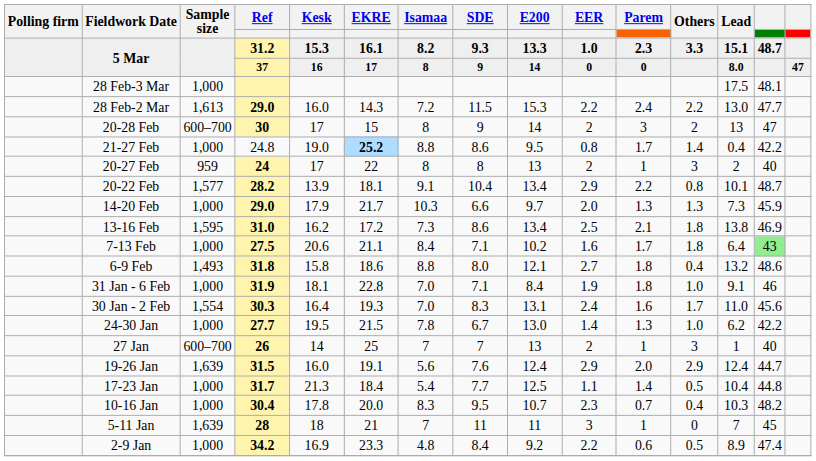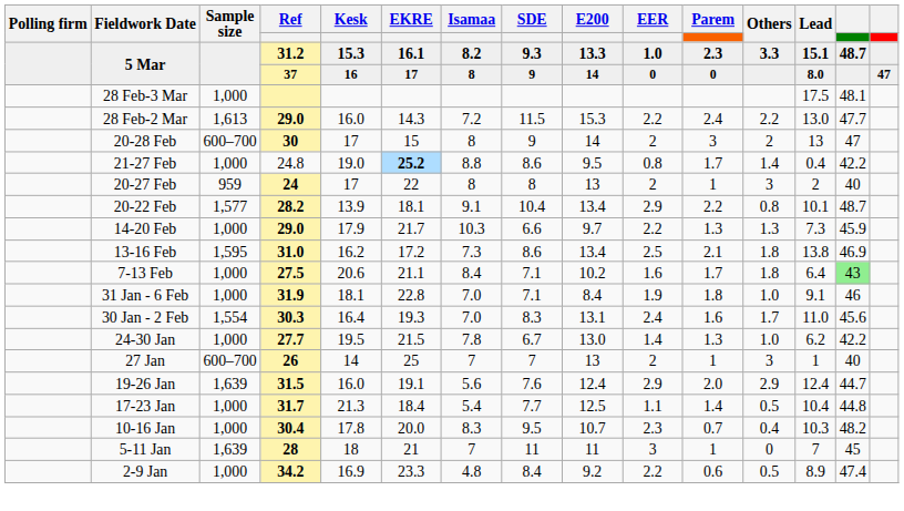 <table class="wikitable sortable mw-datatable" style="text-align:center;font-size:90%;line-height:14px;">
 <tr>
 <th rowspan="2">Polling firm</th>
 <th rowspan="2">Fieldwork Date</th>
 <th rowspan="2" data-sort-type="number">Sample<br>size</th>
 <th class="unsortable" style="width:50px;"><a href='#'>Ref</a></th>
 <th class="unsortable" style="width:50px;"><a href='#'>Kesk</a></th>
 <th class="unsortable" style="width:50px;"><a href='#'>EKRE</a></th>
 <th class="unsortable" style="width:50px;"><a href='#'>Isamaa</a></th>
 <th class="unsortable" style="width:50px;"><a href='#'>SDE</a></th>
 <th class="unsortable" style="width:50px;"><a href='#'>E200</a></th>
 <th class="unsortable" style="width:50px;"><a href='#'>EER</a></th>
 <th class="unsortable" style="width:50px;"><a href='#'>Parem</a></th>
 <th rowspan="2" class="unsortable">Others</th>
 <th rowspan="2" data-sort-type="number">Lead</th>
 <th class="unsortable" style="width:20px;"></th>
 <th class="unsortable" style="width:20px;"></th>
 </tr>
 <tr style="text-align:center;">
 <th data-sort-type="number" style="background:"></th>
 <th data-sort-type="number" style="background:"></th>
 <th data-sort-type="number" style="background:"></th>
 <th data-sort-type="number" style="background:"></th>
 <th data-sort-type="number" style="background:"></th>
 <th data-sort-type="number" style="background:"></th>
 <th data-sort-type="number" style="background:"></th>
 <th data-sort-type="number" class="unsortable" style="background-color: #FA6100"></th>
 <th data-sort-type="number" style="background:Green;"></th>
 <th data-sort-type="number" style="background:Red;"></th>
 </tr>
 <tr style="background:#EFEFEF; font-weight:bold;">
 <td rowspan="2"></td>
 <td rowspan="2">5 Mar</td>
 <td rowspan="2"></td>
 <td style="background:#FEF4AE"><strong>31.2</strong></td>
 <td>15.3</td>
 <td>16.1</td>
 <td>8.2</td>
 <td>9.3</td>
 <td>13.3</td>
 <td>1.0</td>
 <td>2.3</td>
 <td>3.3</td>
 <td style="background:">15.1</td>
 <td>48.7</td>
 <td></td>
 </tr>
 <tr style="background:#EFEFEF; font-weight:bold;font-size:85%;">
 <td style="background:#FEF4AE">37</td>
 <td>16</td>
 <td>17</td>
 <td>8</td>
 <td>9</td>
 <td>14</td>
 <td>0</td>
 <td>0</td>
 <td></td>
 <td style="background:">8.0</td>
 <td></td>
 <td>47</td>
 </tr>
 <tr>
 <td></td>
 <td>28 Feb-3 Mar</td>
 <td>1,000</td>
 <td style="background:#FEF4AE"><strong></strong></td>
 <td></td>
 <td></td>
 <td></td>
 <td></td>
 <td></td>
 <td></td>
 <td></td>
 <td></td>
 <td style="background:">17.5</td>
 <td>48.1</td>
 <td></td>
 </tr>
 <tr>
 <td></td>
 <td>28 Feb-2 Mar</td>
 <td>1,613</td>
 <td style="background:#FEF4AE"><strong>29.0</strong></td>
 <td>16.0</td>
 <td>14.3</td>
 <td>7.2</td>
 <td>11.5</td>
 <td>15.3</td>
 <td>2.2</td>
 <td>2.4</td>
 <td>2.2</td>
 <td style="background:">13.0</td>
 <td>47.7</td>
 <td></td>
 </tr>
 <tr>
 <td></td>
 <td>20-28 Feb</td>
 <td>600–700</td>
 <td style="background:#FEF4AE"><strong>30</strong></td>
 <td>17</td>
 <td>15</td>
 <td>8</td>
 <td>9</td>
 <td>14</td>
 <td>2</td>
 <td>3</td>
 <td>2</td>
 <td style="background:">13</td>
 <td>47</td>
 <td></td>
 </tr>
 <tr>
 <td></td>
 <td>21-27 Feb</td>
 <td>1,000</td>
 <td>24.8</td>
 <td>19.0</td>
 <td style="background:#AEDDFF;"><strong>25.2</strong></td>
 <td>8.8</td>
 <td>8.6</td>
 <td>9.5</td>
 <td>0.8</td>
 <td>1.7</td>
 <td>1.4</td>
 <td style="background:">0.4</td>
 <td>42.2</td>
 <td></td>
 </tr>
 <tr>
 <td></td>
 <td>20-27 Feb</td>
 <td>959</td>
 <td style="background:#FEF4AE"><strong>24</strong></td>
 <td>17</td>
 <td>22</td>
 <td>8</td>
 <td>8</td>
 <td>13</td>
 <td>2</td>
 <td>1</td>
 <td>3</td>
 <td style="background:">2</td>
 <td>40</td>
 <td></td>
 </tr>
 <tr>
 <td></td>
 <td>20-22 Feb</td>
 <td>1,577</td>
 <td style="background:#FEF4AE"><strong>28.2</strong></td>
 <td>13.9</td>
 <td>18.1</td>
 <td>9.1</td>
 <td>10.4</td>
 <td>13.4</td>
 <td>2.9</td>
 <td>2.2</td>
 <td>0.8</td>
 <td style="background:">10.1</td>
 <td>48.7</td>
 <td></td>
 </tr>
 <tr>
 <td></td>
 <td>14-20 Feb</td>
 <td>1,000</td>
 <td style="background:#FEF4AE"><strong>29.0</strong></td>
 <td>17.9</td>
 <td>21.7</td>
 <td>10.3</td>
 <td>6.6</td>
 <td>9.7</td>
-<td>2.0</td>
+<td>2.2</td>
 <td>1.3</td>
 <td>1.3</td>
 <td style="background:">7.3</td>
 <td>45.9</td>
 <td></td>
 </tr>
 <tr>
 <td></td>
 <td>13-16 Feb</td>
 <td>1,595</td>
 <td style="background:#FEF4AE"><strong>31.0</strong></td>
 <td>16.2</td>
 <td>17.2</td>
 <td>7.3</td>
 <td>8.6</td>
 <td>13.4</td>
 <td>2.5</td>
 <td>2.1</td>
 <td>1.8</td>
 <td style="background:">13.8</td>
 <td>46.9</td>
 <td></td>
 </tr>
 <tr>
 <td></td>
 <td>7-13 Feb</td>
 <td>1,000</td>
 <td style="background:#FEF4AE"><strong>27.5</strong></td>
 <td>20.6</td>
 <td>21.1</td>
 <td>8.4</td>
 <td>7.1</td>
 <td>10.2</td>
 <td>1.6</td>
 <td>1.7</td>
 <td>1.8</td>
 <td style="background:">6.4</td>
 <td style="background: lightgreen;">43</td>
-<td></td>
-</tr>
-<tr>
-<td></td>
-<td>6-9 Feb</td>
-<td>1,493</td>
-<td style="background:#FEF4AE"><strong>31.8</strong></td>
-<td>15.8</td>
-<td>18.6</td>
-<td>8.8</td>
-<td>8.0</td>
-<td>12.1</td>
-<td>2.7</td>
-<td>1.8</td>
-<td>0.4</td>
-<td style="background:">13.2</td>
-<td>48.6</td>
 <td></td>
 </tr>
 <tr>
 <td></td>
 <td>31 Jan - 6 Feb</td>
 <td>1,000</td>
 <td style="background:#FEF4AE"><strong>31.9</strong></td>
 <td>18.1</td>
 <td>22.8</td>
 <td>7.0</td>
 <td>7.1</td>
 <td>8.4</td>
 <td>1.9</td>
 <td>1.8</td>
 <td>1.0</td>
 <td style="background:">9.1</td>
 <td>46</td>
 <td></td>
 </tr>
 <tr>
 <td></td>
 <td>30 Jan - 2 Feb</td>
 <td>1,554</td>
 <td style="background:#FEF4AE"><strong>30.3</strong></td>
 <td>16.4</td>
 <td>19.3</td>
 <td>7.0</td>
 <td>8.3</td>
 <td>13.1</td>
 <td>2.4</td>
 <td>1.6</td>
 <td>1.7</td>
 <td style="background:">11.0</td>
 <td>45.6</td>
 <td></td>
 </tr>
 <tr>
 <td></td>
 <td>24-30 Jan</td>
 <td>1,000</td>
 <td style="background:#FEF4AE"><strong>27.7</strong></td>
 <td>19.5</td>
 <td>21.5</td>
 <td>7.8</td>
 <td>6.7</td>
 <td>13.0</td>
 <td>1.4</td>
 <td>1.3</td>
 <td>1.0</td>
 <td style="background:">6.2</td>
 <td>42.2</td>
 <td></td>
 </tr>
 <tr>
 <td></td>
 <td>27 Jan</td>
 <td>600–700</td>
 <td style="background:#FEF4AE"><strong>26</strong></td>
 <td>14</td>
 <td>25</td>
 <td>7</td>
 <td>7</td>
 <td>13</td>
 <td>2</td>
 <td>1</td>
 <td>3</td>
 <td style="background:">1</td>
 <td>40</td>
 <td></td>
 </tr>
 <tr>
 <td></td>
 <td>19-26 Jan</td>
 <td>1,639</td>
 <td style="background:#FEF4AE"><strong>31.5</strong></td>
 <td>16.0</td>
 <td>19.1</td>
 <td>5.6</td>
 <td>7.6</td>
 <td>12.4</td>
 <td>2.9</td>
 <td>2.0</td>
 <td>2.9</td>
 <td style="background:">12.4</td>
 <td>44.7</td>
 <td></td>
 </tr>
 <tr>
 <td></td>
 <td>17-23 Jan</td>
 <td>1,000</td>
 <td style="background:#FEF4AE"><strong>31.7</strong></td>
 <td>21.3</td>
 <td>18.4</td>
 <td>5.4</td>
 <td>7.7</td>
 <td>12.5</td>
 <td>1.1</td>
 <td>1.4</td>
 <td>0.5</td>
 <td style="background:">10.4</td>
 <td>44.8</td>
 <td></td>
 </tr>
 <tr>
 <td></td>
 <td>10-16 Jan</td>
 <td>1,000</td>
 <td style="background:#FEF4AE"><strong>30.4</strong></td>
 <td>17.8</td>
 <td>20.0</td>
 <td>8.3</td>
 <td>9.5</td>
 <td>10.7</td>
 <td>2.3</td>
 <td>0.7</td>
 <td>0.4</td>
 <td style="background:">10.3</td>
 <td>48.2</td>
 <td></td>
 </tr>
 <tr>
 <td></td>
 <td>5-11 Jan</td>
 <td>1,639</td>
 <td style="background:#FEF4AE"><strong>28</strong></td>
 <td>18</td>
 <td>21</td>
 <td>7</td>
 <td>11</td>
 <td>11</td>
 <td>3</td>
 <td>1</td>
 <td>0</td>
 <td style="background:">7</td>
 <td>45</td>
 <td></td>
 </tr>
 <tr>
 <td></td>
 <td>2-9 Jan</td>
 <td>1,000</td>
 <td style="background:#FEF4AE"><strong>34.2</strong></td>
 <td>16.9</td>
 <td>23.3</td>
 <td>4.8</td>
 <td>8.4</td>
 <td>9.2</td>
 <td>2.2</td>
 <td>0.6</td>
 <td>0.5</td>
 <td style="background:">8.9</td>
 <td>47.4</td>
 <td></td>
 </tr>
 <tr>
 </tr>
 </table>
